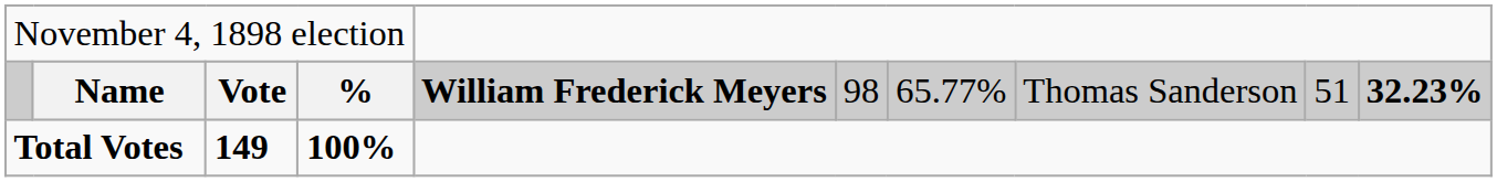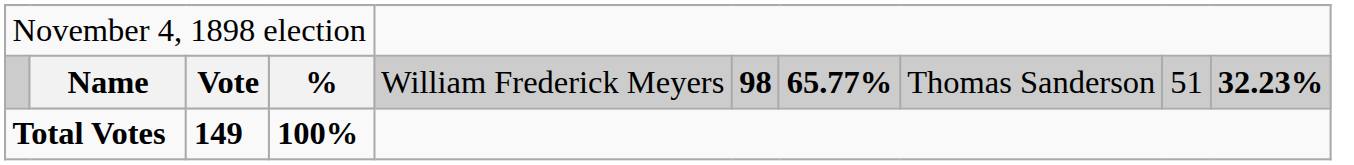 <table class="wikitable">
 <tr>
 <td colspan=4 align=center>November 4, 1898 election</td>
 </tr>
 <tr bgcolor="CCCCCC">
 <td></td>
 <th><strong>Name </strong></th>
 <th><strong>Vote</strong></th>
 <th><strong>%</strong><br></th>
-<td><strong>William Frederick Meyers</strong></td>
-<td>98</td>
-<td>65.77%<br></td>
+<td>William Frederick Meyers</td>
+<td><strong>98</strong></td>
+<td><strong>65.77%<br></strong></td>
 <td>Thomas Sanderson</td>
 <td>51</td>
 <td><strong>32.23%</strong></td>
 </tr>
 <tr>
 <td colspan=2><strong>Total Votes</strong></td>
 <td><strong>149</strong></td>
 <td><strong>100%</strong></td>
 </tr>
 </table>
